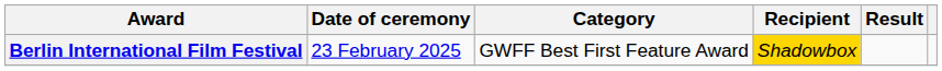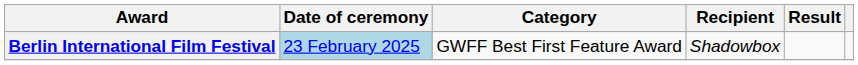 <table class="wikitable sortable plainrowheaders">
 <tr>
 <th>Award</th>
 <th>Date of ceremony</th>
 <th>Category</th>
 <th>Recipient</th>
 <th>Result</th>
 <th></th>
 </tr>
 <tr>
 <th scope="row" rowspan="1"><a href='#'>Berlin International Film Festival</a></th>
-<td rowspan="1"><a href='#'>23 February 2025</a></td>
+<td rowspan="1" style="background: lightblue;"><a href='#'>23 February 2025</a></td>
 <td>GWFF Best First Feature Award</td>
-<td style="background: gold;"><em>Shadowbox</em></td>
+<td><em>Shadowbox</em></td>
 <td></td>
 <td align="center"></td>
 </tr>
 <tr>
 </tr>
 </table>
